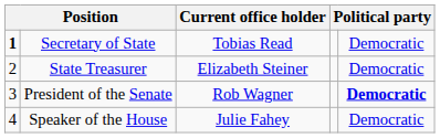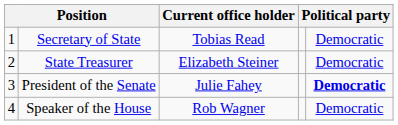 <table class="wikitable" style="text-align:center;">
 <tr>
 <th colspan=2>Position</th>
 <th>Current office holder</th>
 <th Colspan=2>Political party</th>
 </tr>
 <tr>
-<td><strong>1</strong></td>
+<td>1</td>
 <td><a href='#'>Secretary of State</a></td>
 <td><a href='#'>Tobias Read</a></td>
 <td style="background-color:"></td>
 <td><a href='#'>Democratic</a></td>
 </tr>
 <tr>
 <td>2</td>
 <td><a href='#'>State Treasurer</a></td>
 <td><a href='#'>Elizabeth Steiner</a></td>
 <td style="background-color:"></td>
 <td><a href='#'>Democratic</a></td>
 </tr>
 <tr>
 <td>3</td>
 <td>President of the <a href='#'>Senate</a></td>
-<td><a href='#'>Rob Wagner</a></td>
+<td><a href='#'>Julie Fahey</a></td>
 <td style="background-color:"></td>
 <td><strong><a href='#'>Democratic</a></strong></td>
 </tr>
 <tr>
 <td>4</td>
 <td>Speaker of the <a href='#'>House</a></td>
-<td><a href='#'>Julie Fahey</a></td>
+<td><a href='#'>Rob Wagner</a></td>
 <td style="background-color:"></td>
 <td><a href='#'>Democratic</a></td>
 </tr>
 </table>
